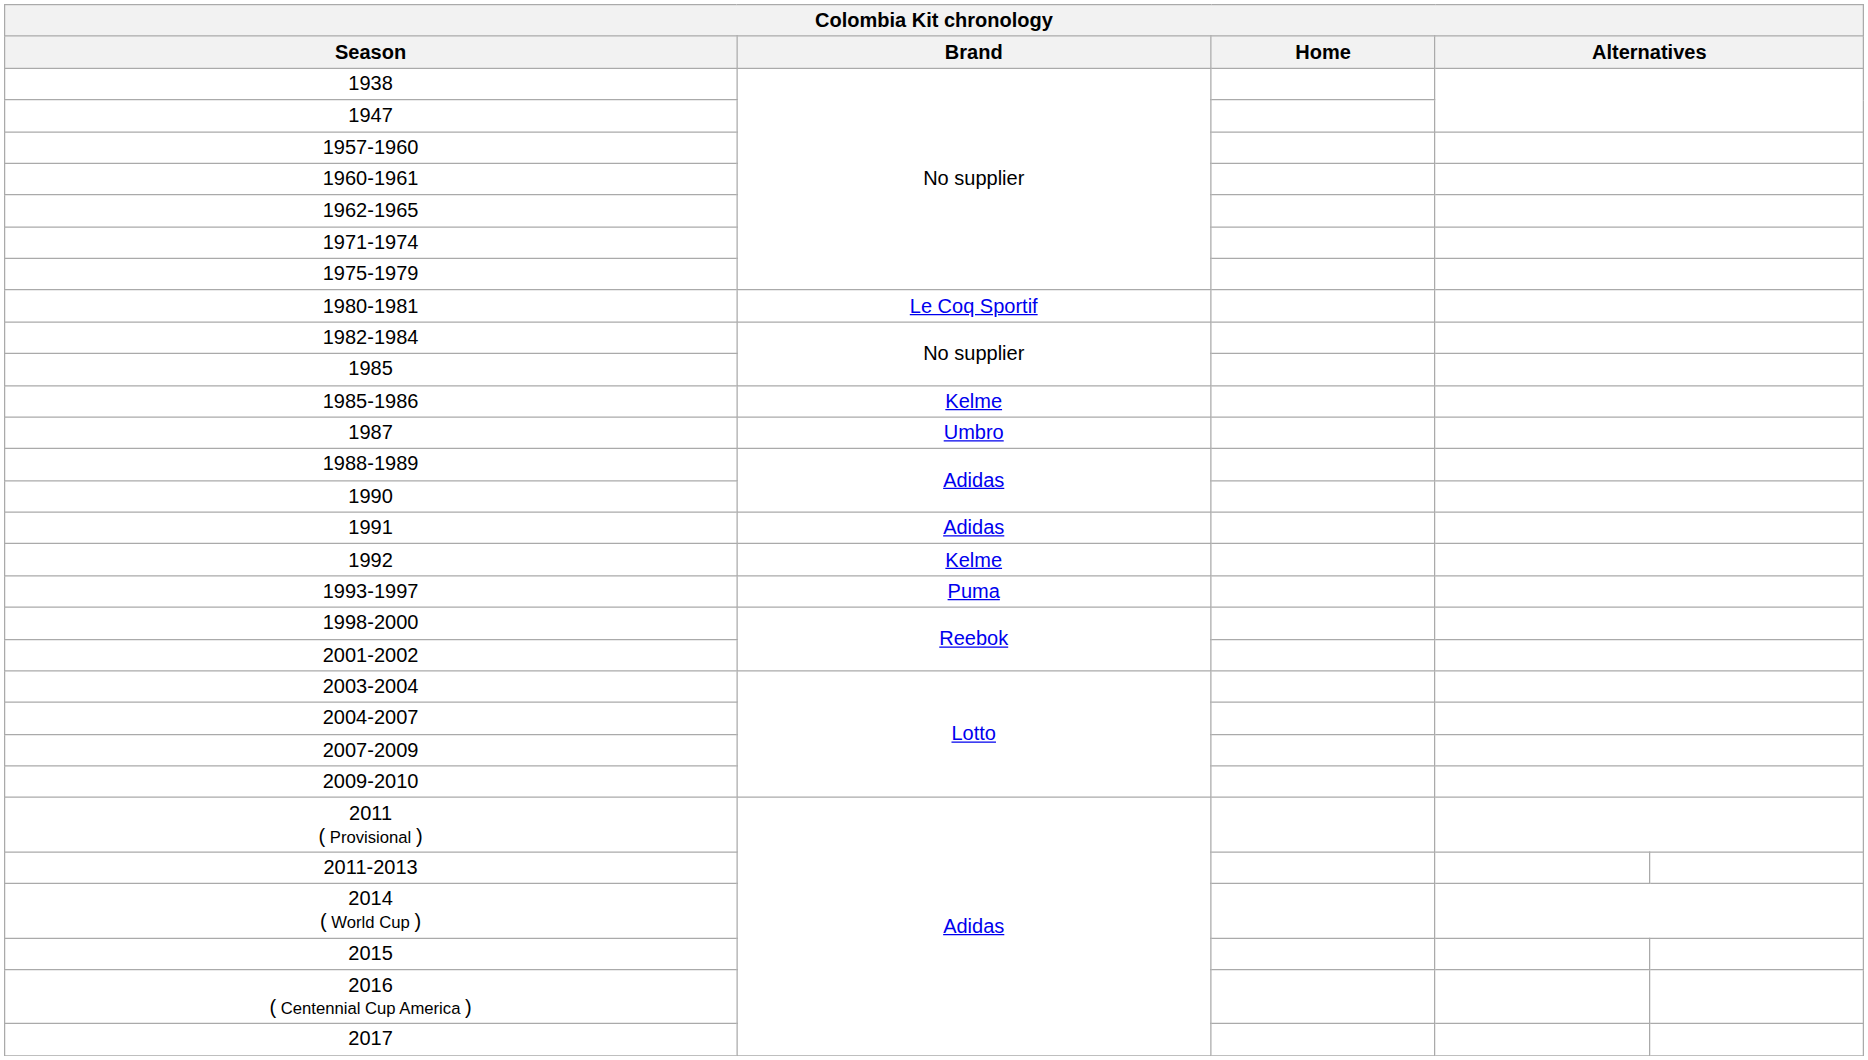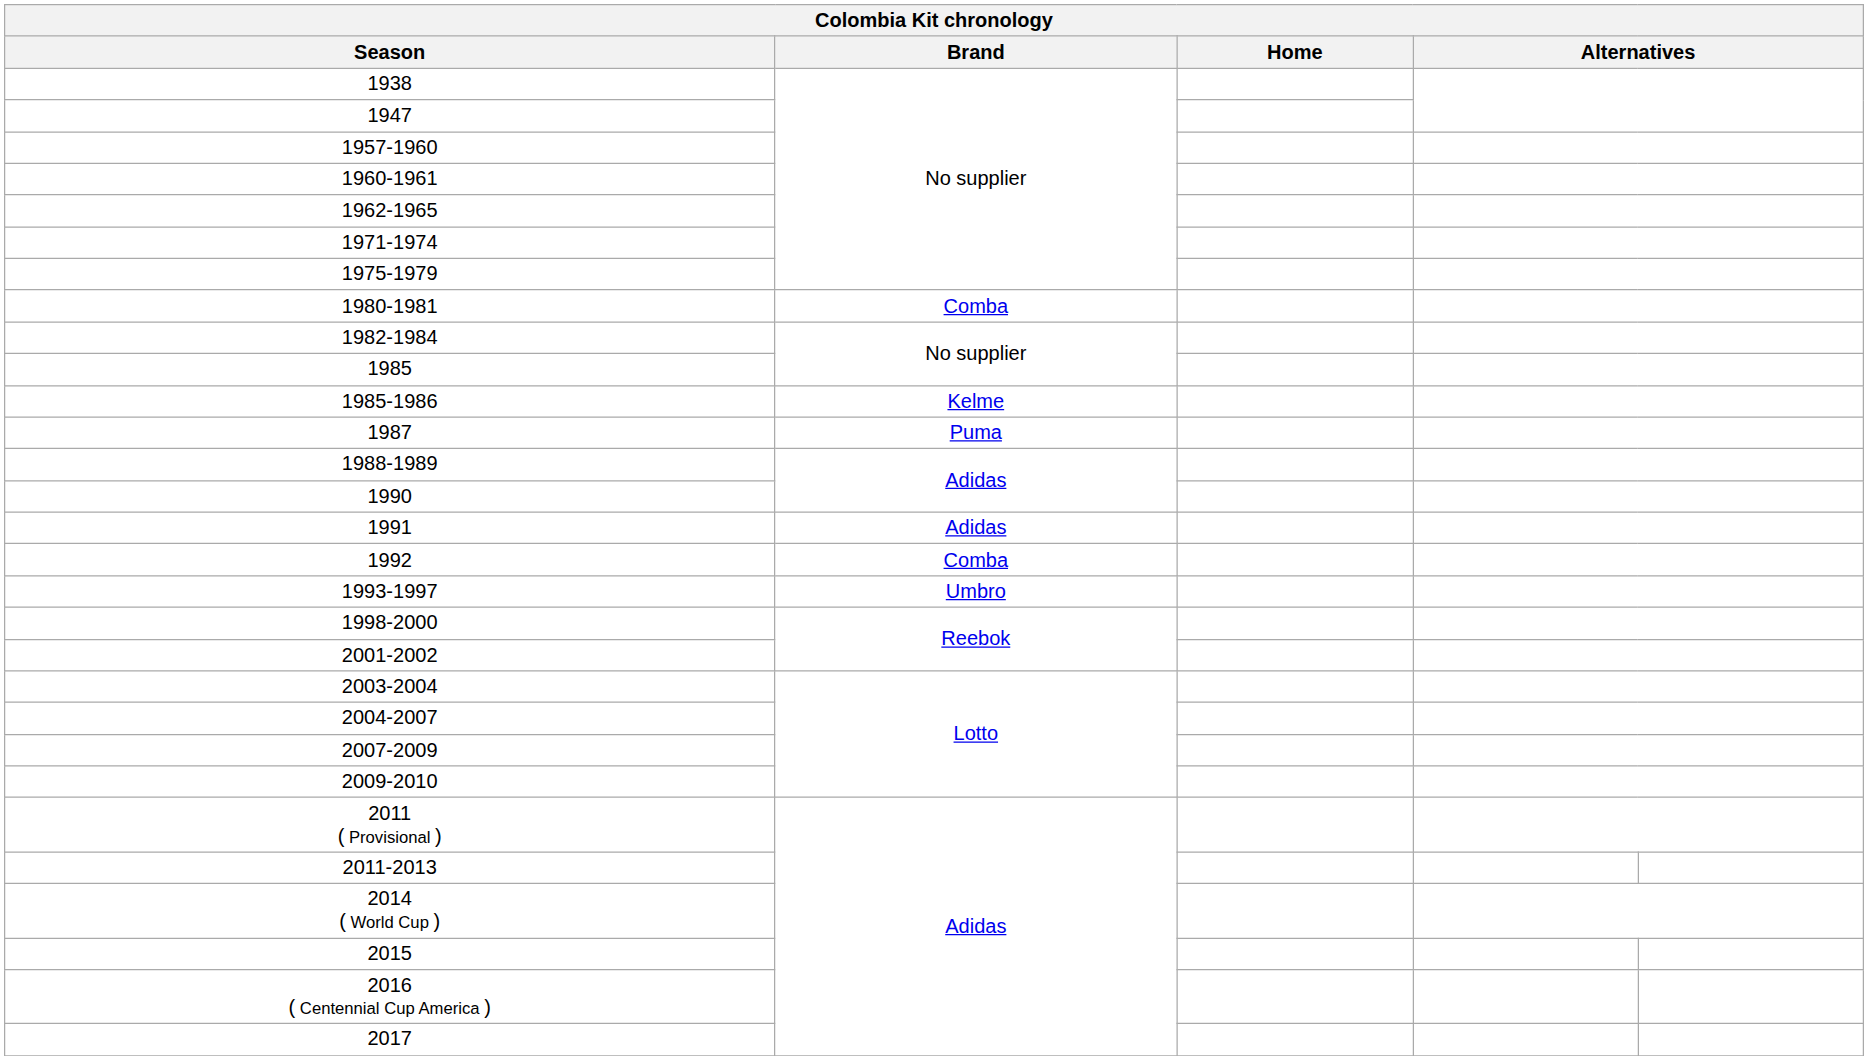 <table class="wikitable mw-collapsible mw-collapsed" style="text-align: center; background: #ffffff; width:75%;">
 <tr>
 <th colspan=5 style="with: 100%;" align="center">Colombia Kit chronology</th>
 </tr>
 <tr>
 <th>Season</th>
 <th>Brand</th>
 <th>Home</th>
 <th colspan=2>Alternatives</th>
 </tr>
 <tr>
 <td>1938</td>
 <td rowspan=7>No supplier</td>
 <td></td>
 <td rowspan=2 colspan=2></td>
 </tr>
 <tr>
 <td>1947</td>
 <td></td>
 </tr>
 <tr>
 <td>1957-1960</td>
 <td></td>
 <td colspan=2></td>
 </tr>
 <tr>
 <td>1960-1961</td>
 <td></td>
 <td colspan=2></td>
 </tr>
 <tr>
 <td>1962-1965</td>
 <td></td>
 <td colspan=2></td>
 </tr>
 <tr>
 <td>1971-1974</td>
 <td></td>
 <td colspan=2></td>
 </tr>
 <tr>
 <td>1975-1979</td>
 <td></td>
 <td colspan=2></td>
 </tr>
 <tr>
 <td>1980-1981</td>
-<td><a href='#'>Le Coq Sportif</a></td>
+<td> <a href='#'>Comba</a></td>
 <td></td>
 <td colspan=2></td>
 </tr>
 <tr>
 <td>1982-1984</td>
 <td rowspan=2>No supplier</td>
 <td></td>
 <td colspan=2></td>
 </tr>
 <tr>
 <td>1985</td>
 <td></td>
 <td colspan=2></td>
 </tr>
 <tr>
 <td>1985-1986</td>
 <td> <a href='#'>Kelme</a></td>
 <td></td>
 <td colspan=2></td>
 </tr>
 <tr>
 <td>1987</td>
-<td> <a href='#'>Umbro</a></td>
+<td> <a href='#'>Puma</a></td>
 <td></td>
 <td colspan=2></td>
 </tr>
 <tr>
 <td>1988-1989</td>
 <td rowspan=2> <a href='#'>Adidas</a></td>
 <td></td>
 <td colspan=2></td>
 </tr>
 <tr>
 <td>1990</td>
 <td></td>
 <td colspan=2></td>
 </tr>
 <tr>
 <td>1991</td>
 <td> <a href='#'>Adidas</a></td>
 <td></td>
 <td colspan=2></td>
 </tr>
 <tr>
 <td>1992</td>
-<td> <a href='#'>Kelme</a></td>
+<td> <a href='#'>Comba</a></td>
 <td></td>
 <td colspan=2></td>
 </tr>
 <tr>
 <td>1993-1997</td>
-<td> <a href='#'>Puma</a></td>
+<td> <a href='#'>Umbro</a></td>
 <td></td>
 <td colspan=2></td>
 </tr>
 <tr>
 <td>1998-2000</td>
 <td rowspan=2> <a href='#'>Reebok</a></td>
 <td></td>
 <td colspan=2></td>
 </tr>
 <tr>
 <td>2001-2002</td>
 <td></td>
 <td colspan=2></td>
 </tr>
 <tr>
 <td>2003-2004</td>
 <td rowspan=4> <a href='#'>Lotto</a></td>
 <td></td>
 <td colspan=2></td>
 </tr>
 <tr>
 <td>2004-2007</td>
 <td></td>
 <td colspan=2></td>
 </tr>
 <tr>
 <td>2007-2009</td>
 <td></td>
 <td colspan=2></td>
 </tr>
 <tr>
 <td>2009-2010</td>
 <td></td>
 <td colspan=2></td>
 </tr>
 <tr>
 <td>2011 <br> (<small> Provisional </small>)</td>
 <td rowspan=6> <a href='#'>Adidas</a></td>
 <td></td>
 <td colspan=2></td>
 </tr>
 <tr>
 <td>2011-2013</td>
 <td></td>
 <td><br></td>
 <td></td>
 </tr>
 <tr>
 <td>2014 <br> (<small> World Cup </small>)</td>
 <td></td>
 <td colspan=2></td>
 </tr>
 <tr>
 <td>2015</td>
 <td></td>
 <td><br></td>
 <td></td>
 </tr>
 <tr>
 <td>2016 <br> (<small> Centennial Cup America </small>)</td>
 <td></td>
 <td><br></td>
 <td></td>
 </tr>
 <tr>
 <td>2017</td>
 <td></td>
 <td><br></td>
 <td></td>
 </tr>
 </table>
